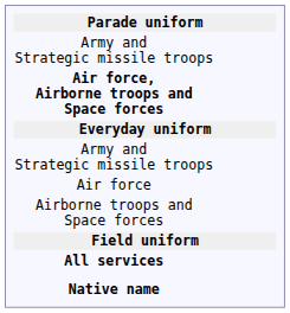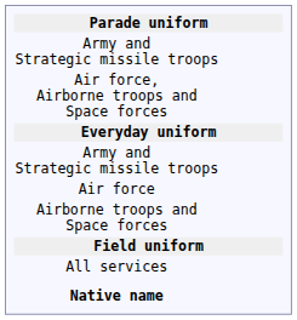 <table style="border:1px solid #8888aa; background-color:#f7f8ff; padding:5px; font-size:95%; margin: 0px 12px 12px 0px;">
 <tr style="background:#efefef;">
 <th colspan=38>Parade uniform</th>
 </tr>
 <tr style="text-align:center;">
 <td>Army and<br>Strategic missile troops</td>
 <td colspan=2 rowspan=2></td>
 <td colspan=1></td>
 <td colspan=1></td>
 <td colspan=2></td>
 <td colspan=2></td>
 <td colspan=2></td>
 <td colspan=2></td>
 <td colspan=2></td>
 <td colspan=2></td>
 <td colspan=2></td>
 <td colspan=2></td>
 <td colspan=2></td>
 <td colspan=2></td>
 <td colspan=12></td>
 </tr>
 <tr style="text-align:center;">
-<td><strong>Air force,<br>Airborne troops and<br>Space forces</strong></td>
+<td>Air force,<br>Airborne troops and<br>Space forces</td>
 <td colspan=1></td>
 <td colspan=1></td>
 <td colspan=2></td>
 <td colspan=2></td>
 <td colspan=2></td>
 <td colspan=2></td>
 <td colspan=2></td>
 <td colspan=2></td>
 <td colspan=2></td>
 <td colspan=2></td>
 <td colspan=2></td>
 <td colspan=2></td>
 <td colspan=12></td>
 </tr>
 <tr style="background:#efefef;">
 <th colspan=38>Everyday uniform</th>
 </tr>
 <tr style="text-align:center;">
 <td>Army and<br>Strategic missile troops</td>
 <td colspan=2 rowspan=3></td>
 <td colspan=1></td>
 <td colspan=1></td>
 <td colspan=2></td>
 <td colspan=2></td>
 <td colspan=2></td>
 <td colspan=2></td>
 <td colspan=2></td>
 <td colspan=2></td>
 <td colspan=2></td>
 <td colspan=2></td>
 <td colspan=2></td>
 <td colspan=2></td>
 <td colspan=12></td>
 </tr>
 <tr style="text-align:center;">
 <td>Air force</td>
 <td colspan=1></td>
 <td colspan=1></td>
 <td colspan=2></td>
 <td colspan=2></td>
 <td colspan=2></td>
 <td colspan=2></td>
 <td colspan=2></td>
 <td colspan=2></td>
 <td colspan=2></td>
 <td colspan=2></td>
 <td colspan=2></td>
 <td colspan=2></td>
 <td colspan=12></td>
 </tr>
 <tr style="text-align:center;">
 <td>Airborne troops and<br>Space forces</td>
 <td colspan=1></td>
 <td colspan=1></td>
 <td colspan=2></td>
 <td colspan=2></td>
 <td colspan=2></td>
 <td colspan=2></td>
 <td colspan=2></td>
 <td colspan=2></td>
 <td colspan=2></td>
 <td colspan=2></td>
 <td colspan=2></td>
 <td colspan=2></td>
 <td colspan=12></td>
 </tr>
 <tr style="background:#efefef;">
 <th colspan=38>Field uniform</th>
 </tr>
 <tr style="text-align:center;">
-<td><strong>All services</strong></td>
+<td>All services</td>
 <td colspan=2></td>
 <td colspan=1></td>
 <td colspan=1></td>
 <td colspan=2></td>
 <td colspan=2></td>
 <td colspan=2></td>
 <td colspan=2></td>
 <td colspan=2></td>
 <td colspan=2></td>
 <td colspan=2></td>
 <td colspan=2></td>
 <td colspan=2></td>
 <td colspan=2></td>
 <td colspan=12></td>
 </tr>
 <tr style="text-align:center;">
 <td colspan=3></td>
 <td></td>
 <td></td>
 </tr>
 <tr style="text-align:center;">
 <th colspan=38></th>
 </tr>
 <tr style="text-align:center;">
 <th>Native name</th>
 <td colspan=2><br></td>
 <td colspan=2><br></td>
 <td colspan=2><br></td>
 <td colspan=2><br></td>
 <td colspan=2><br></td>
 <td colspan=2><br></td>
 <td colspan=2><br></td>
 <td colspan=2><br></td>
 <td colspan=2><br></td>
 <td colspan=2><br></td>
 <td colspan=2><br></td>
 <td colspan=2><br></td>
 <td colspan=12><br></td>
 </tr>
 </table>
